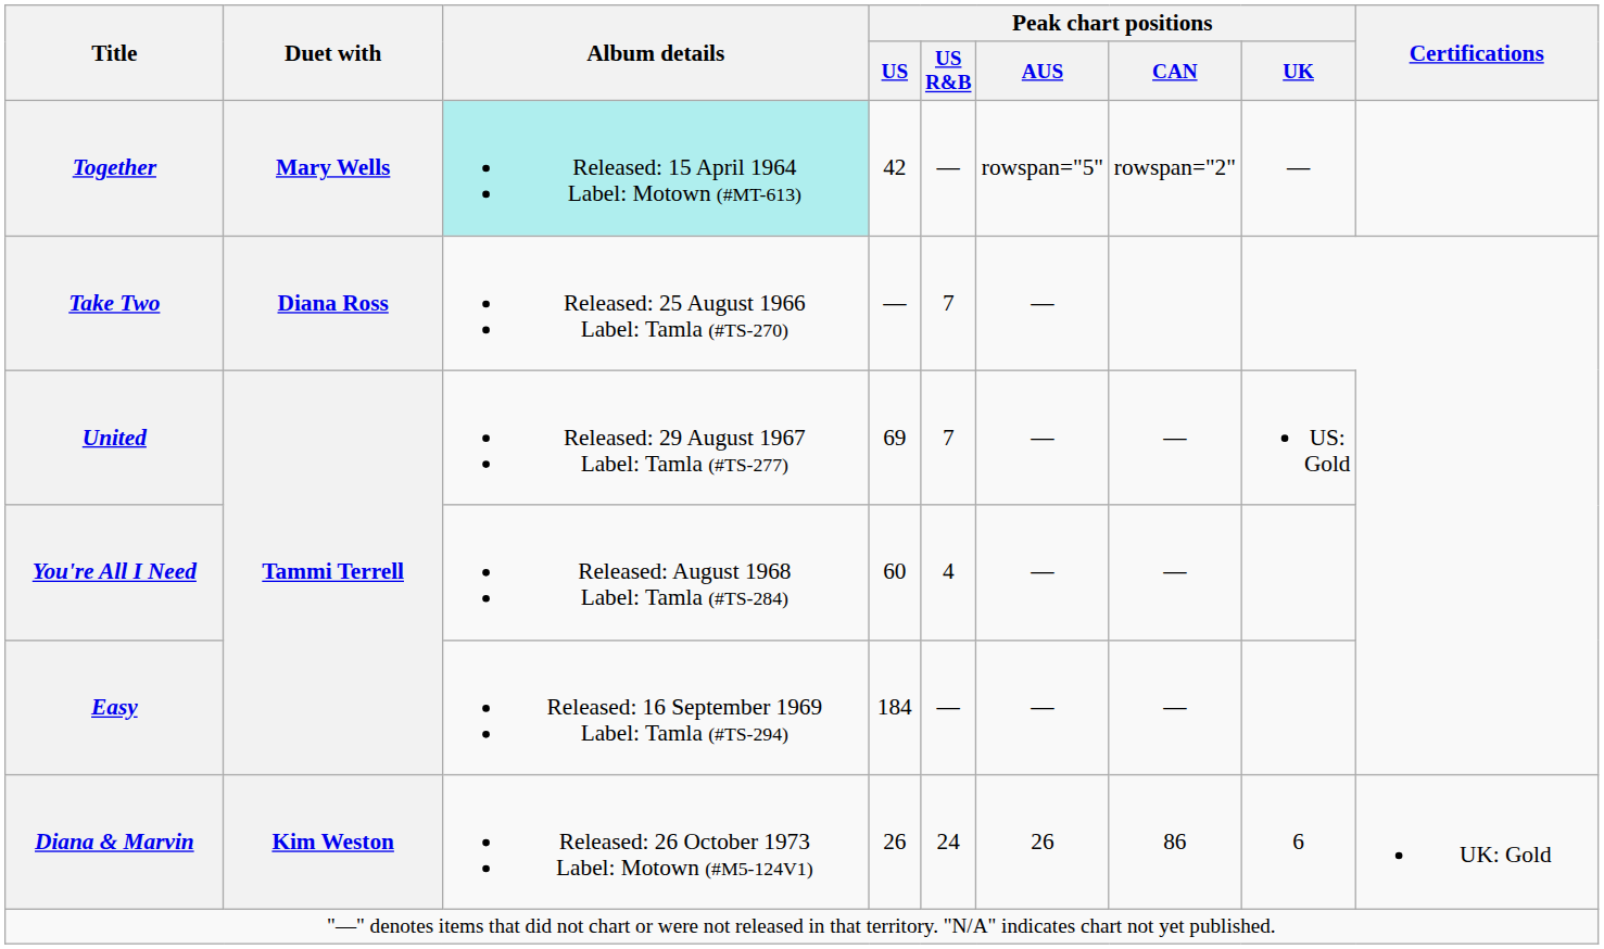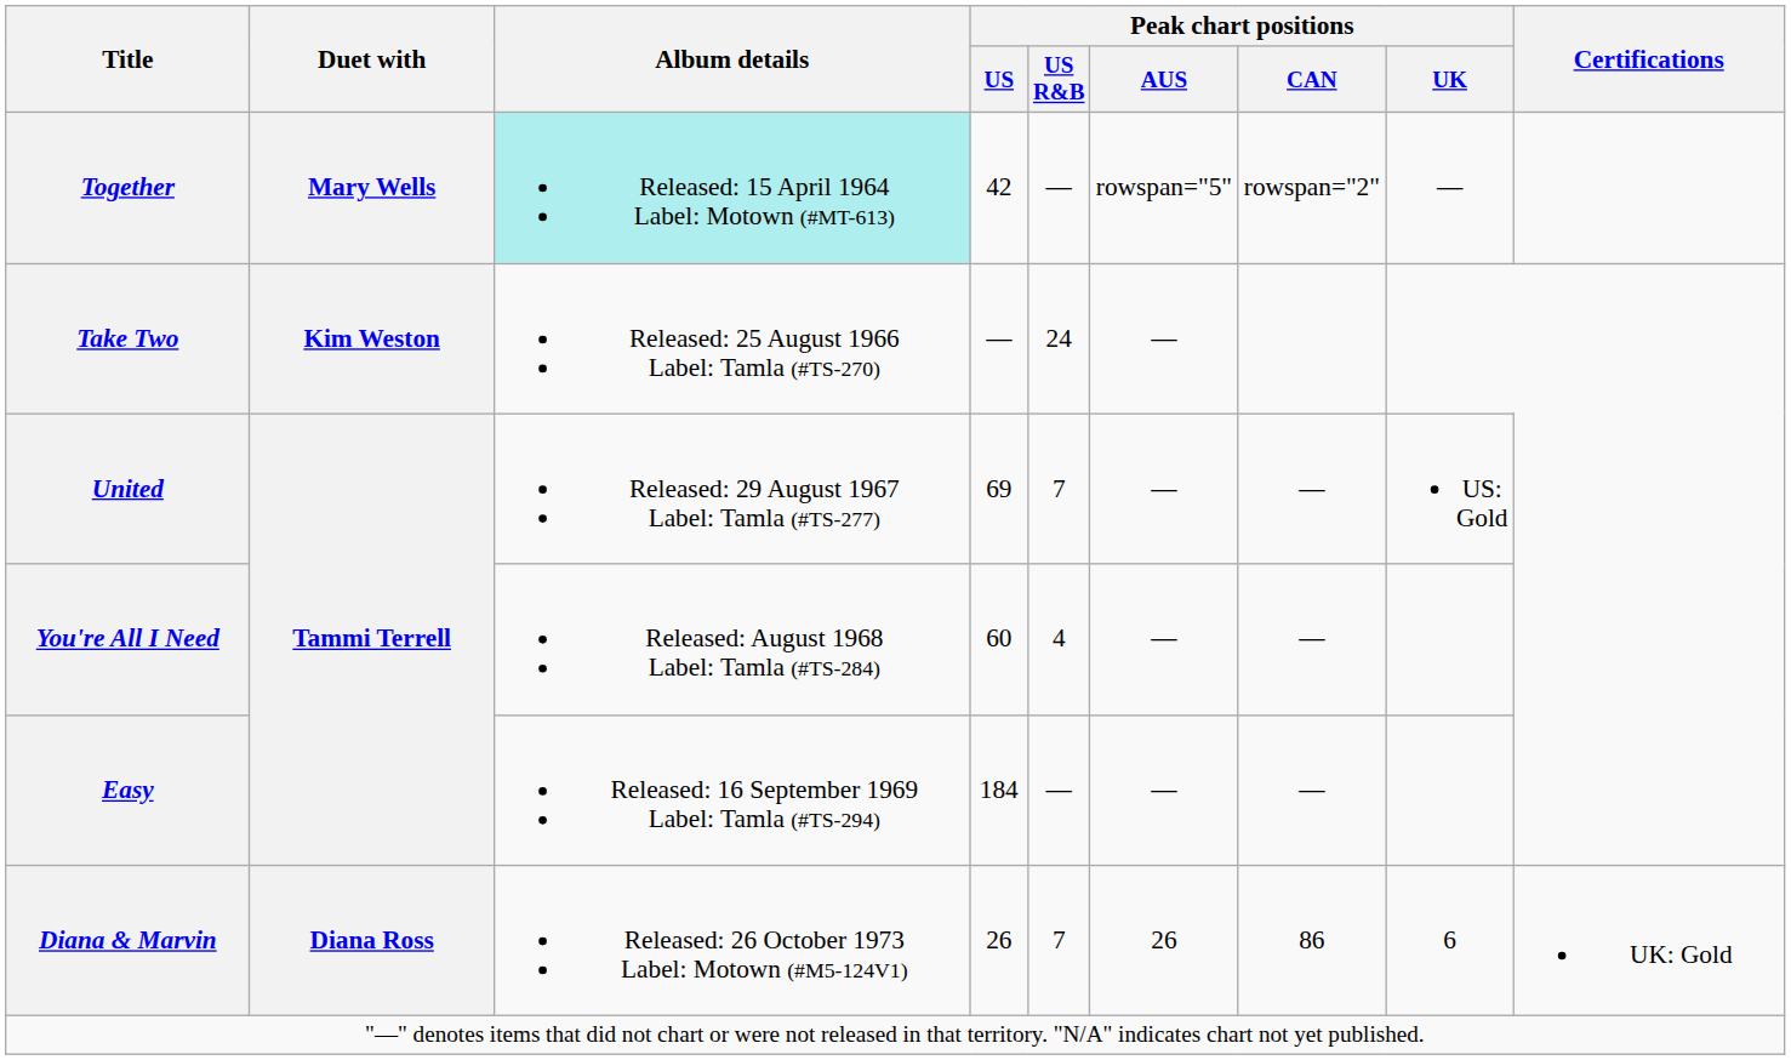 <table class="wikitable plainrowheaders" style="text-align:center;">
 <tr>
 <th scope="col" rowspan="2" style="width:9em;">Title</th>
 <th scope="col" rowspan="2" style="width:9em;">Duet with</th>
 <th scope="col" rowspan="2" style="width:18em;">Album details</th>
 <th scope="col" colspan="5">Peak chart positions</th>
 <th scope="col" rowspan="2" style="width:10em;"><a href='#'>Certifications</a></th>
 </tr>
 <tr>
 <th style="width:2em;font-size:90%;"><a href='#'>US</a><br></th>
 <th style="width:2em;font-size:90%;"><a href='#'>US<br>R&B</a><br></th>
 <th style="width:2em;font-size:90%;"><a href='#'>AUS</a><br></th>
 <th style="width:2em;font-size:90%;"><a href='#'>CAN</a><br></th>
 <th style="width:2em;font-size:90%;"><a href='#'>UK</a><br></th>
 </tr>
 <tr>
 <th scope="row"><em><a href='#'>Together</a></em></th>
 <th scope="row"><a href='#'>Mary Wells</a></th>
 <td style="background: paleturquoise;"><br><ul><li>Released: 15 April 1964</li><li>Label: Motown <small>(#MT-613)</small></li></ul></td>
 <td>42</td>
 <td>—</td>
 <td>rowspan="5" </td>
 <td>rowspan="2" </td>
 <td>—</td>
 <td></td>
 </tr>
 <tr>
 <th scope="row"><em><a href='#'>Take Two</a></em></th>
-<th scope="row"><a href='#'>Diana Ross</a></th>
+<th scope="row"><a href='#'>Kim Weston</a></th>
 <td><br><ul><li>Released: 25 August 1966</li><li>Label: Tamla <small>(#TS-270)</small></li></ul></td>
 <td>—</td>
-<td>7</td>
+<td>24</td>
 <td>—</td>
 <td></td>
 </tr>
 <tr>
 <th scope="row"><em><a href='#'>United</a></em></th>
 <th scope="row" rowspan="3"><a href='#'>Tammi Terrell</a></th>
 <td><br><ul><li>Released: 29 August 1967</li><li>Label: Tamla <small>(#TS-277)</small></li></ul></td>
 <td>69</td>
 <td>7</td>
 <td>—</td>
 <td>—</td>
 <td><br><ul><li>US: Gold</li></ul></td>
 </tr>
 <tr>
 <th scope="row"><em><a href='#'>You're All I Need</a></em></th>
 <td><br><ul><li>Released: August 1968</li><li>Label: Tamla <small>(#TS-284)</small></li></ul></td>
 <td>60</td>
 <td>4</td>
 <td>—</td>
 <td>—</td>
 <td></td>
 </tr>
 <tr>
 <th scope="row"><em><a href='#'>Easy</a></em></th>
 <td><br><ul><li>Released: 16 September 1969</li><li>Label: Tamla <small>(#TS-294)</small></li></ul></td>
 <td>184</td>
 <td>—</td>
 <td>—</td>
 <td>—</td>
 <td></td>
 </tr>
 <tr>
 <th scope="row"><em><a href='#'>Diana & Marvin</a></em></th>
-<th scope="row"><a href='#'>Kim Weston</a></th>
+<th scope="row"><a href='#'>Diana Ross</a></th>
 <td><br><ul><li>Released: 26 October 1973</li><li>Label: Motown <small>(#M5-124V1)</small></li></ul></td>
 <td>26</td>
-<td>24</td>
+<td>7</td>
 <td>26</td>
 <td>86</td>
 <td>6</td>
 <td><br><ul><li>UK: Gold</li></ul></td>
 </tr>
 <tr>
 <td align="center" colspan="15" style="font-size:90%">"—" denotes items that did not chart or were not released in that territory. "N/A" indicates chart not yet published.</td>
 </tr>
 </table>
